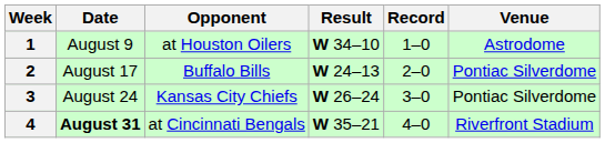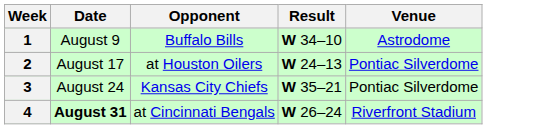 <table class="wikitable" style="text-align: center;">
 <tr>
 <th>Week</th>
 <th>Date</th>
 <th>Opponent</th>
 <th>Result</th>
-<th>Record</th>
 <th>Venue</th>
 </tr>
 <tr style="background-color:#cfc">
 <th>1</th>
 <td>August 9</td>
-<td>at <a href='#'>Houston Oilers</a></td>
+<td><a href='#'>Buffalo Bills</a></td>
 <td><strong>W</strong> 34–10</td>
-<td>1–0</td>
 <td><a href='#'>Astrodome</a></td>
 </tr>
 <tr style="background-color:#cfc">
 <th>2</th>
 <td>August 17</td>
-<td><a href='#'>Buffalo Bills</a></td>
+<td>at <a href='#'>Houston Oilers</a></td>
 <td><strong>W</strong> 24–13</td>
-<td>2–0</td>
 <td><a href='#'>Pontiac Silverdome</a></td>
 </tr>
 <tr style="background-color:#cfc">
 <th>3</th>
 <td>August 24</td>
 <td><a href='#'>Kansas City Chiefs</a></td>
-<td><strong>W</strong> 26–24</td>
-<td>3–0</td>
+<td><strong>W</strong> 35–21</td>
 <td>Pontiac Silverdome</td>
 </tr>
 <tr style="background-color:#cfc">
 <th>4</th>
 <td><strong>August 31</strong></td>
 <td>at <a href='#'>Cincinnati Bengals</a></td>
-<td><strong>W</strong> 35–21</td>
-<td>4–0</td>
+<td><strong>W</strong> 26–24</td>
 <td><a href='#'>Riverfront Stadium</a></td>
 </tr>
 </table>
